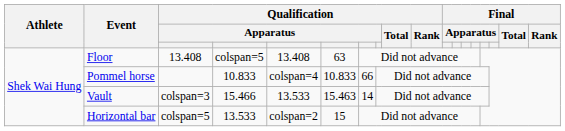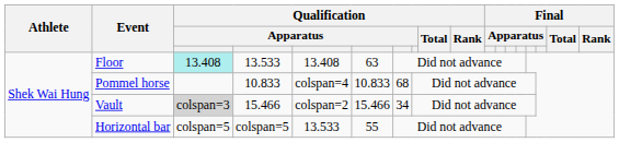 <table class="wikitable" style="font-size:90%">
 <tr>
 <th rowspan=3>Athlete</th>
 <th rowspan=3>Event</th>
 <th colspan =8>Qualification</th>
 <th colspan =8>Final</th>
 </tr>
 <tr style="font-size:95%">
 <th colspan=6>Apparatus</th>
 <th rowspan=2>Total</th>
 <th rowspan=2>Rank</th>
 <th colspan=6>Apparatus</th>
 <th rowspan=2>Total</th>
 <th rowspan=2>Rank</th>
 </tr>
 <tr style="font-size:95%">
 <th></th>
 <th></th>
 <th></th>
 <th></th>
 <th></th>
 <th></th>
 <th></th>
 <th></th>
 <th></th>
 <th></th>
 <th></th>
 <th></th>
 </tr>
 <tr align=center>
 <td align=left rowspan=4><a href='#'>Shek Wai Hung</a></td>
 <td align=left><a href='#'>Floor</a></td>
-<td>13.408</td>
-<td>colspan=5 </td>
+<td style="background: paleturquoise;">13.408</td>
+<td>13.533</td>
 <td>13.408</td>
 <td>63</td>
 <td colspan=8>Did not advance</td>
 </tr>
 <tr align=center>
 <td align=left><a href='#'>Pommel horse</a></td>
 <td></td>
 <td>10.833</td>
 <td>colspan=4 </td>
 <td>10.833</td>
-<td>66</td>
+<td>68</td>
 <td colspan=8>Did not advance</td>
 </tr>
 <tr align=center>
 <td align=left><a href='#'>Vault</a></td>
-<td>colspan=3 </td>
+<td style="background: lightgrey;">colspan=3 </td>
 <td>15.466</td>
-<td>13.533</td>
-<td>15.463</td>
-<td>14</td>
+<td>colspan=2 </td>
+<td>15.466</td>
+<td>34</td>
 <td colspan=8>Did not advance</td>
 </tr>
 <tr align=center>
 <td align=left><a href='#'>Horizontal bar</a></td>
 <td>colspan=5 </td>
+<td>colspan=5 </td>
 <td>13.533</td>
-<td>colspan=2 </td>
-<td>15</td>
+<td>55</td>
 <td colspan=8>Did not advance</td>
 </tr>
 </table>
